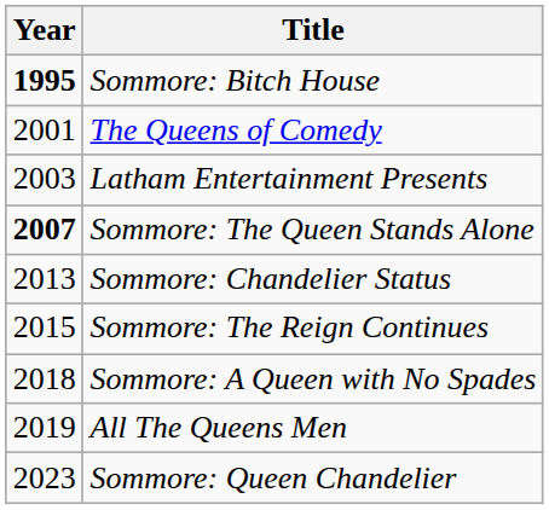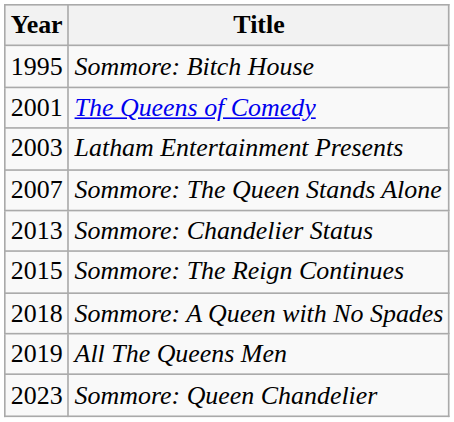 <table class="wikitable">
 <tr>
 <th>Year</th>
 <th>Title</th>
 </tr>
 <tr>
-<td><strong>1995</strong></td>
+<td>1995</td>
 <td><em>Sommore: Bitch House</em></td>
 </tr>
 <tr>
 <td>2001</td>
 <td><em><a href='#'>The Queens of Comedy</a></em></td>
 </tr>
 <tr>
 <td>2003</td>
 <td><em>Latham Entertainment Presents</em></td>
 </tr>
 <tr>
-<td><strong>2007</strong></td>
+<td>2007</td>
 <td><em>Sommore: The Queen Stands Alone</em></td>
 </tr>
 <tr>
 <td>2013</td>
 <td><em>Sommore: Chandelier Status</em></td>
 </tr>
 <tr>
 <td>2015</td>
 <td><em>Sommore: The Reign Continues</em></td>
 </tr>
 <tr>
 <td>2018</td>
 <td><em>Sommore: A Queen with No Spades</em></td>
 </tr>
 <tr>
 <td>2019</td>
 <td><em>All The Queens Men</em></td>
 </tr>
 <tr>
 <td>2023</td>
 <td><em>Sommore: Queen Chandelier</em></td>
 </tr>
 </table>
